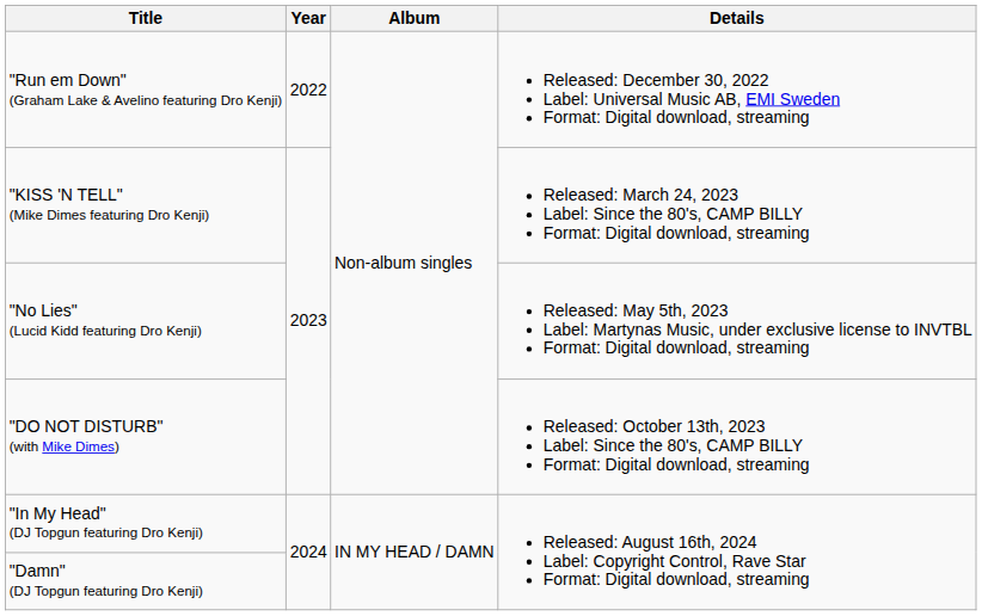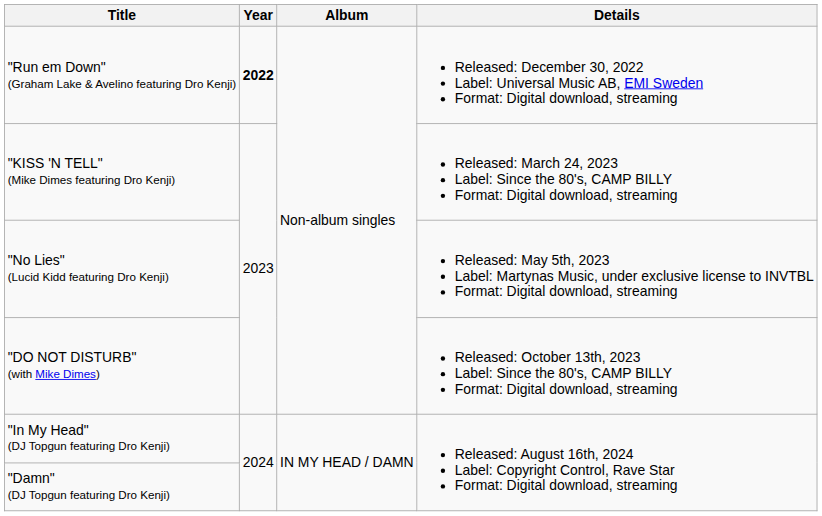 <table class="wikitable sortable">
 <tr>
 <th>Title</th>
 <th>Year</th>
 <th>Album</th>
 <th>Details</th>
 </tr>
 <tr>
 <td>"Run em Down" <br><small>(Graham Lake & Avelino featuring Dro Kenji)</small></td>
-<td rowspan="1">2022</td>
+<td rowspan="1"><strong>2022</strong></td>
 <td rowspan="4">Non-album singles</td>
 <td><br><ul><li>Released: December 30, 2022</li><li>Label: Universal Music AB, <a href='#'>EMI Sweden</a></li><li>Format: Digital download, streaming</li></ul></td>
 </tr>
 <tr>
 <td>"KISS 'N TELL" <br><small>(Mike Dimes featuring Dro Kenji)</small></td>
 <td rowspan="3">2023</td>
 <td><br><ul><li>Released: March 24, 2023</li><li>Label: Since the 80's, CAMP BILLY</li><li>Format: Digital download, streaming</li></ul></td>
 </tr>
 <tr>
 <td>"No Lies" <br><small>(Lucid Kidd featuring Dro Kenji)</small></td>
 <td><br><ul><li>Released: May 5th, 2023</li><li>Label: Martynas Music, under exclusive license to INVTBL</li><li>Format: Digital download, streaming</li></ul></td>
 </tr>
 <tr>
 <td>"DO NOT DISTURB" <br><small>(with <a href='#'>Mike Dimes</a>)</small></td>
 <td><br><ul><li>Released: October 13th, 2023</li><li>Label: Since the 80's, CAMP BILLY</li><li>Format: Digital download, streaming</li></ul></td>
 </tr>
 <tr>
 <td>"In My Head"<br><small>(DJ Topgun featuring Dro Kenji)</small></td>
 <td rowspan="2">2024</td>
 <td rowspan="2">IN MY HEAD / DAMN</td>
 <td rowspan="2"><br><ul><li>Released: August 16th, 2024</li><li>Label: Copyright Control, Rave Star</li><li>Format: Digital download, streaming</li></ul></td>
 </tr>
 <tr>
 <td>"Damn"<br><small>(DJ Topgun featuring Dro Kenji)</small></td>
 </tr>
 </table>
